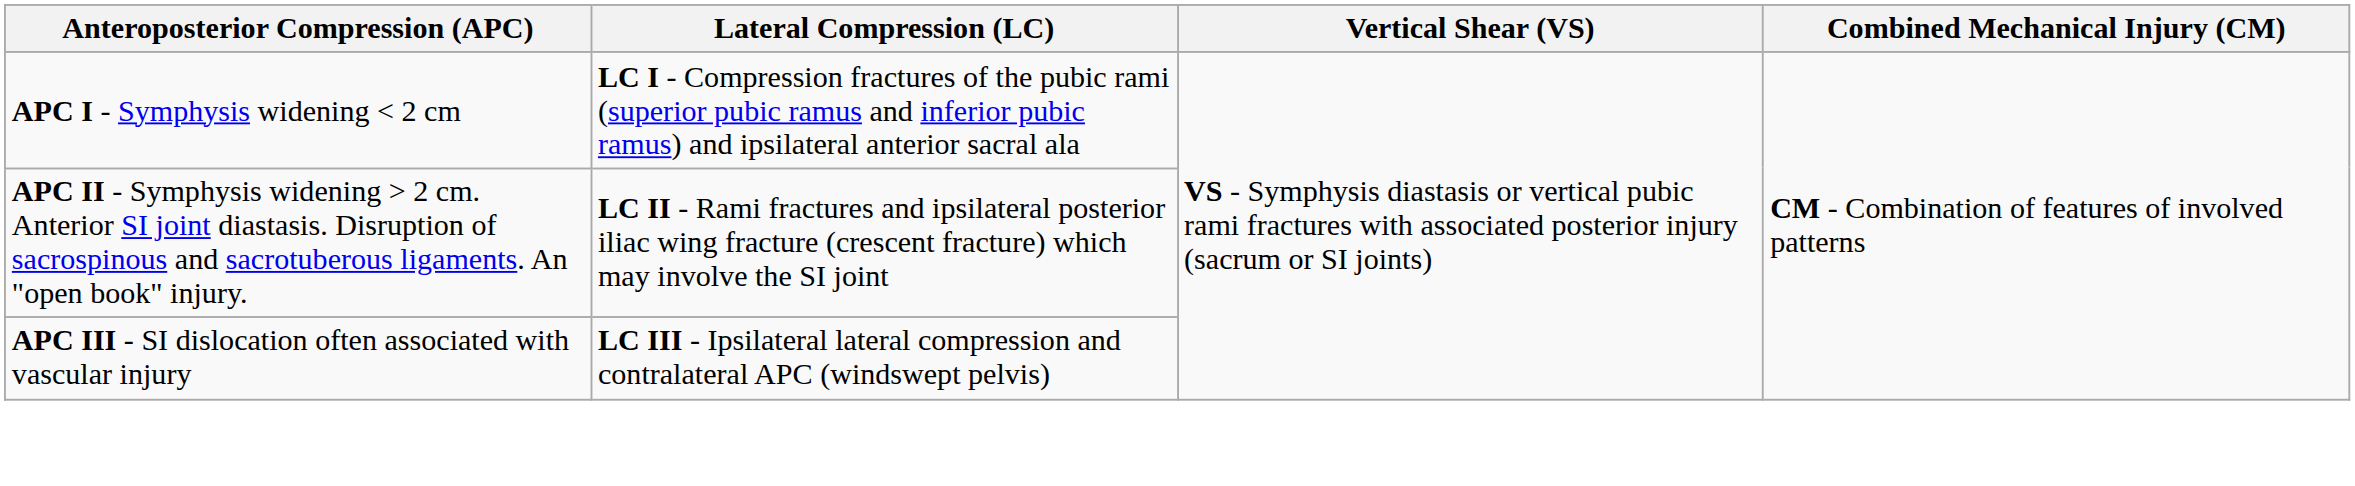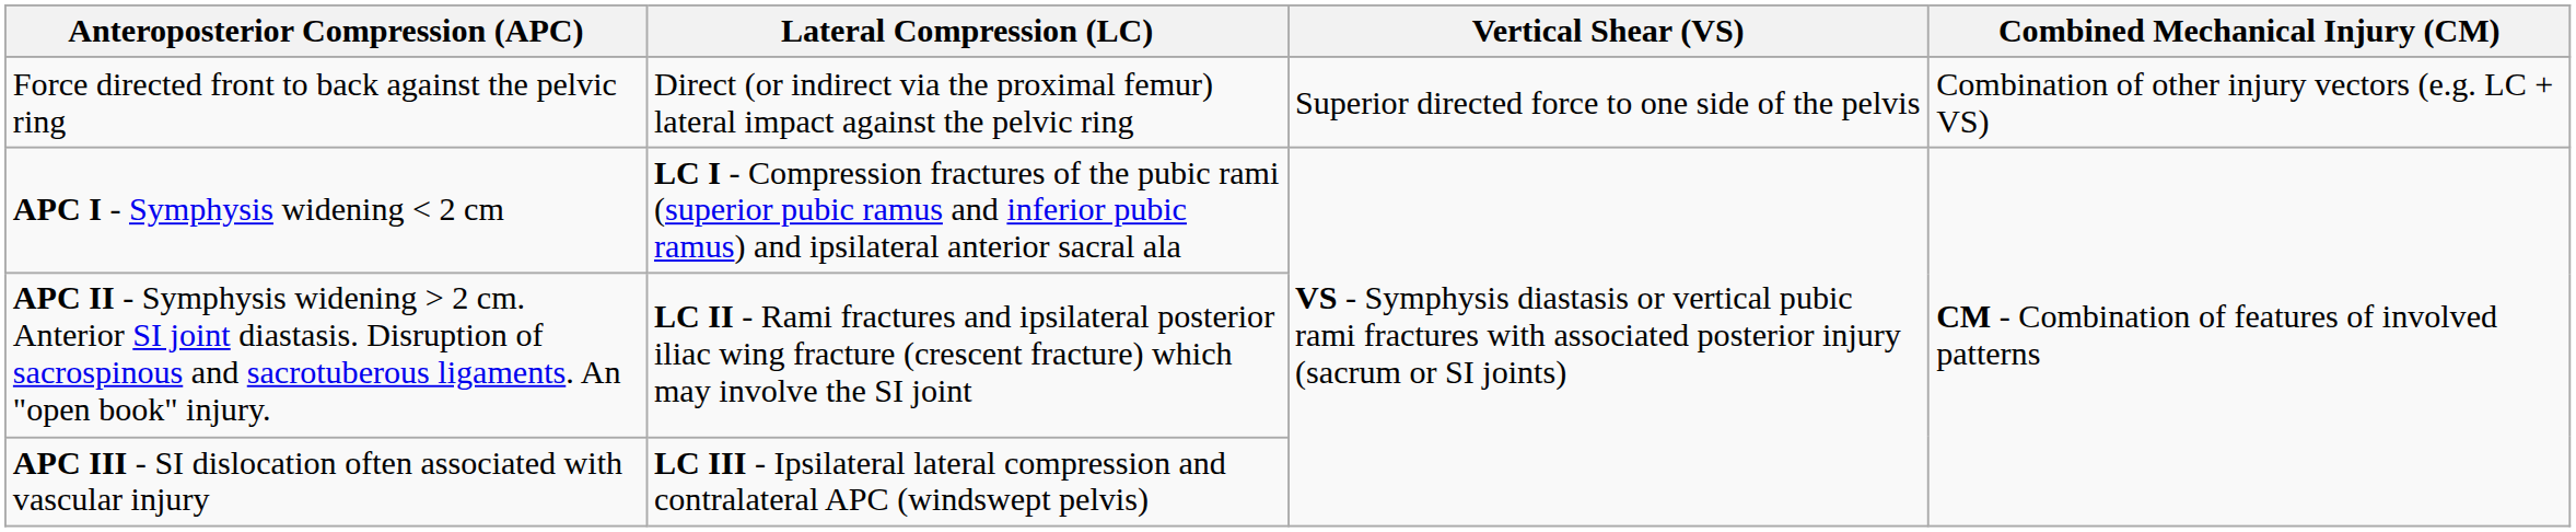 <table class="wikitable">
 <tr>
 <th style="width: 25%;">Anteroposterior Compression (APC)</th>
 <th style="width: 25%;">Lateral Compression (LC)</th>
 <th style="width: 25%;">Vertical Shear (VS)</th>
 <th style="width: 25%;">Combined Mechanical Injury (CM)</th>
+</tr>
+<tr>
+<td>Force directed front to back against the pelvic ring</td>
+<td>Direct (or indirect via the proximal femur) lateral impact against the pelvic ring</td>
+<td>Superior directed force to one side of the pelvis</td>
+<td>Combination of other injury vectors (e.g. LC + VS)</td>
 </tr>
 <tr>
 <td><strong>APC I</strong> - <a href='#'>Symphysis</a> widening < 2 cm</td>
 <td><strong>LC I</strong> - Compression fractures of the pubic rami (<a href='#'>superior pubic ramus</a> and <a href='#'>inferior pubic ramus</a>) and ipsilateral anterior sacral ala</td>
 <td rowspan="3"><strong>VS</strong> - Symphysis diastasis or vertical pubic rami fractures with associated posterior injury (sacrum or SI joints)</td>
 <td rowspan="3"><strong>CM</strong> - Combination of features of involved patterns</td>
 </tr>
 <tr>
 <td><strong>APC II</strong> - Symphysis widening > 2 cm. Anterior <a href='#'>SI joint</a> diastasis.  Disruption of <a href='#'>sacrospinous</a> and <a href='#'>sacrotuberous ligaments</a>. An "open book" injury.</td>
 <td><strong>LC II</strong> - Rami fractures and ipsilateral posterior iliac wing fracture (crescent fracture) which may involve the SI joint</td>
 </tr>
 <tr>
 <td><strong>APC III</strong> - SI dislocation often associated with vascular injury</td>
 <td><strong>LC III</strong> - Ipsilateral lateral compression and contralateral APC (windswept pelvis)</td>
 </tr>
 </table>
